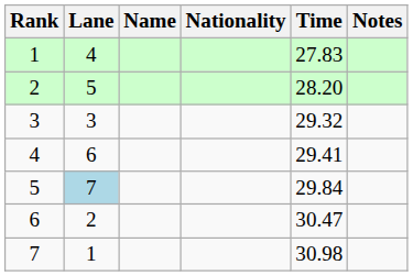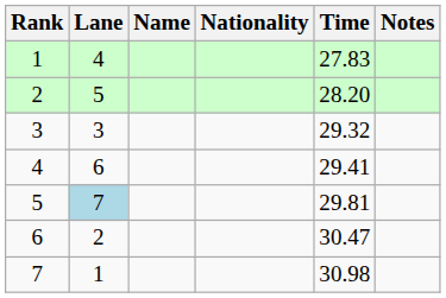 <table class="wikitable sortable" style="text-align:center">
 <tr>
 <th>Rank</th>
 <th>Lane</th>
 <th>Name</th>
 <th>Nationality</th>
 <th>Time</th>
 <th>Notes</th>
 </tr>
 <tr bgcolor=ccffcc>
 <td>1</td>
 <td>4</td>
 <td align=left></td>
 <td align=left></td>
 <td>27.83</td>
 <td><strong></strong> <strong></strong></td>
 </tr>
 <tr bgcolor=ccffcc>
 <td>2</td>
 <td>5</td>
 <td align=left></td>
 <td align=left></td>
 <td>28.20</td>
 <td><strong></strong></td>
 </tr>
 <tr>
 <td>3</td>
 <td>3</td>
 <td align=left></td>
 <td align=left></td>
 <td>29.32</td>
 <td></td>
 </tr>
 <tr>
 <td>4</td>
 <td>6</td>
 <td align=left></td>
 <td align=left></td>
 <td>29.41</td>
 <td></td>
 </tr>
 <tr>
 <td>5</td>
 <td style="background: lightblue;">7</td>
 <td align=left></td>
 <td align=left></td>
-<td>29.84</td>
+<td>29.81</td>
 <td></td>
 </tr>
 <tr>
 <td>6</td>
 <td>2</td>
 <td align=left></td>
 <td align=left></td>
 <td>30.47</td>
 <td></td>
 </tr>
 <tr>
 <td>7</td>
 <td>1</td>
 <td align=left></td>
 <td align=left></td>
 <td>30.98</td>
 <td></td>
 </tr>
 </table>
